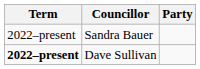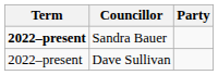 <table class="wikitable">
 <tr>
 <th>Term</th>
 <th>Councillor</th>
 <th colspan=2>Party</th>
 </tr>
 <tr>
-<td>2022–present</td>
+<td><strong>2022–present</strong></td>
 <td>Sandra Bauer</td>
 <td></td>
 </tr>
 <tr>
-<td><strong>2022–present</strong></td>
+<td>2022–present</td>
 <td>Dave Sullivan</td>
 <td></td>
 </tr>
 </table>
